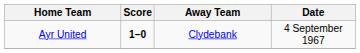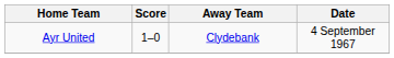 <table class="wikitable" style="text-align:center;">
 <tr>
 <th width=175>Home Team</th>
 <th width=20>Score</th>
 <th width=175>Away Team</th>
 <th width= 125>Date</th>
 </tr>
 <tr>
 <td><a href='#'>Ayr United</a></td>
-<td><strong>1–0</strong></td>
+<td>1–0</td>
 <td><a href='#'>Clydebank</a></td>
 <td>4 September 1967</td>
 </tr>
 <tr>
 </tr>
 </table>
